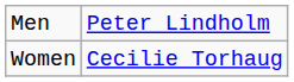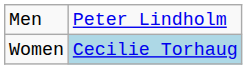 <table class="wikitable">
 <tr>
 <td>Men</td>
 <td> <a href='#'>Peter Lindholm</a></td>
 </tr>
 <tr>
 <td>Women</td>
-<td> <a href='#'>Cecilie Torhaug</a></td>
+<td style="background: lightblue;"> <a href='#'>Cecilie Torhaug</a></td>
 </tr>
 </table>
